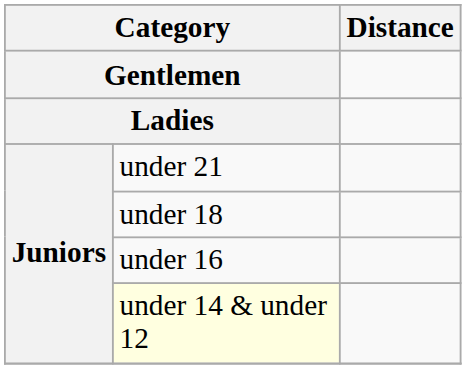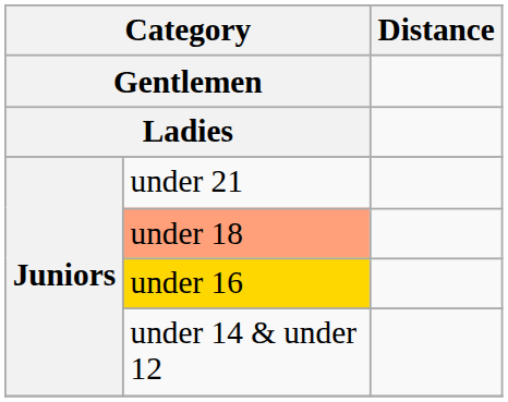 <table class="wikitable" width="250px" style="margin: 0.9em 1.5em 0.36em 0em;">
 <tr>
 <th colspan=2>Category</th>
 <th>Distance</th>
 </tr>
 <tr>
 <th colspan=2>Gentlemen</th>
 <td align="center"></td>
 </tr>
 <tr>
 <th colspan=2>Ladies</th>
 <td align="center"></td>
 </tr>
 <tr>
 <th rowspan=4>Juniors</th>
 <td>under 21</td>
 <td align="center"></td>
 </tr>
 <tr>
-<td>under 18</td>
+<td style="background: lightsalmon;">under 18</td>
 <td align="center"></td>
 </tr>
 <tr>
-<td>under 16</td>
+<td style="background: gold;">under 16</td>
 <td align="center"></td>
 </tr>
 <tr>
-<td style="background: lightyellow;">under 14 & under 12</td>
+<td>under 14 & under 12</td>
 <td align="center"></td>
 </tr>
 <tr>
 </tr>
 </table>
